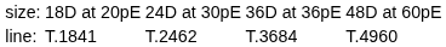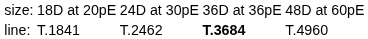 <table style="margin-left:40px;">
 <tr>
 <td>size:</td>
 <td>18D at 20pE</td>
 <td>24D at 30pE</td>
 <td>36D at 36pE</td>
 <td>48D at 60pE</td>
 </tr>
 <tr>
 <td>line:</td>
 <td>T.1841</td>
 <td>T.2462</td>
-<td>T.3684</td>
+<td><strong>T.3684</strong></td>
 <td>T.4960</td>
 </tr>
 </table>
